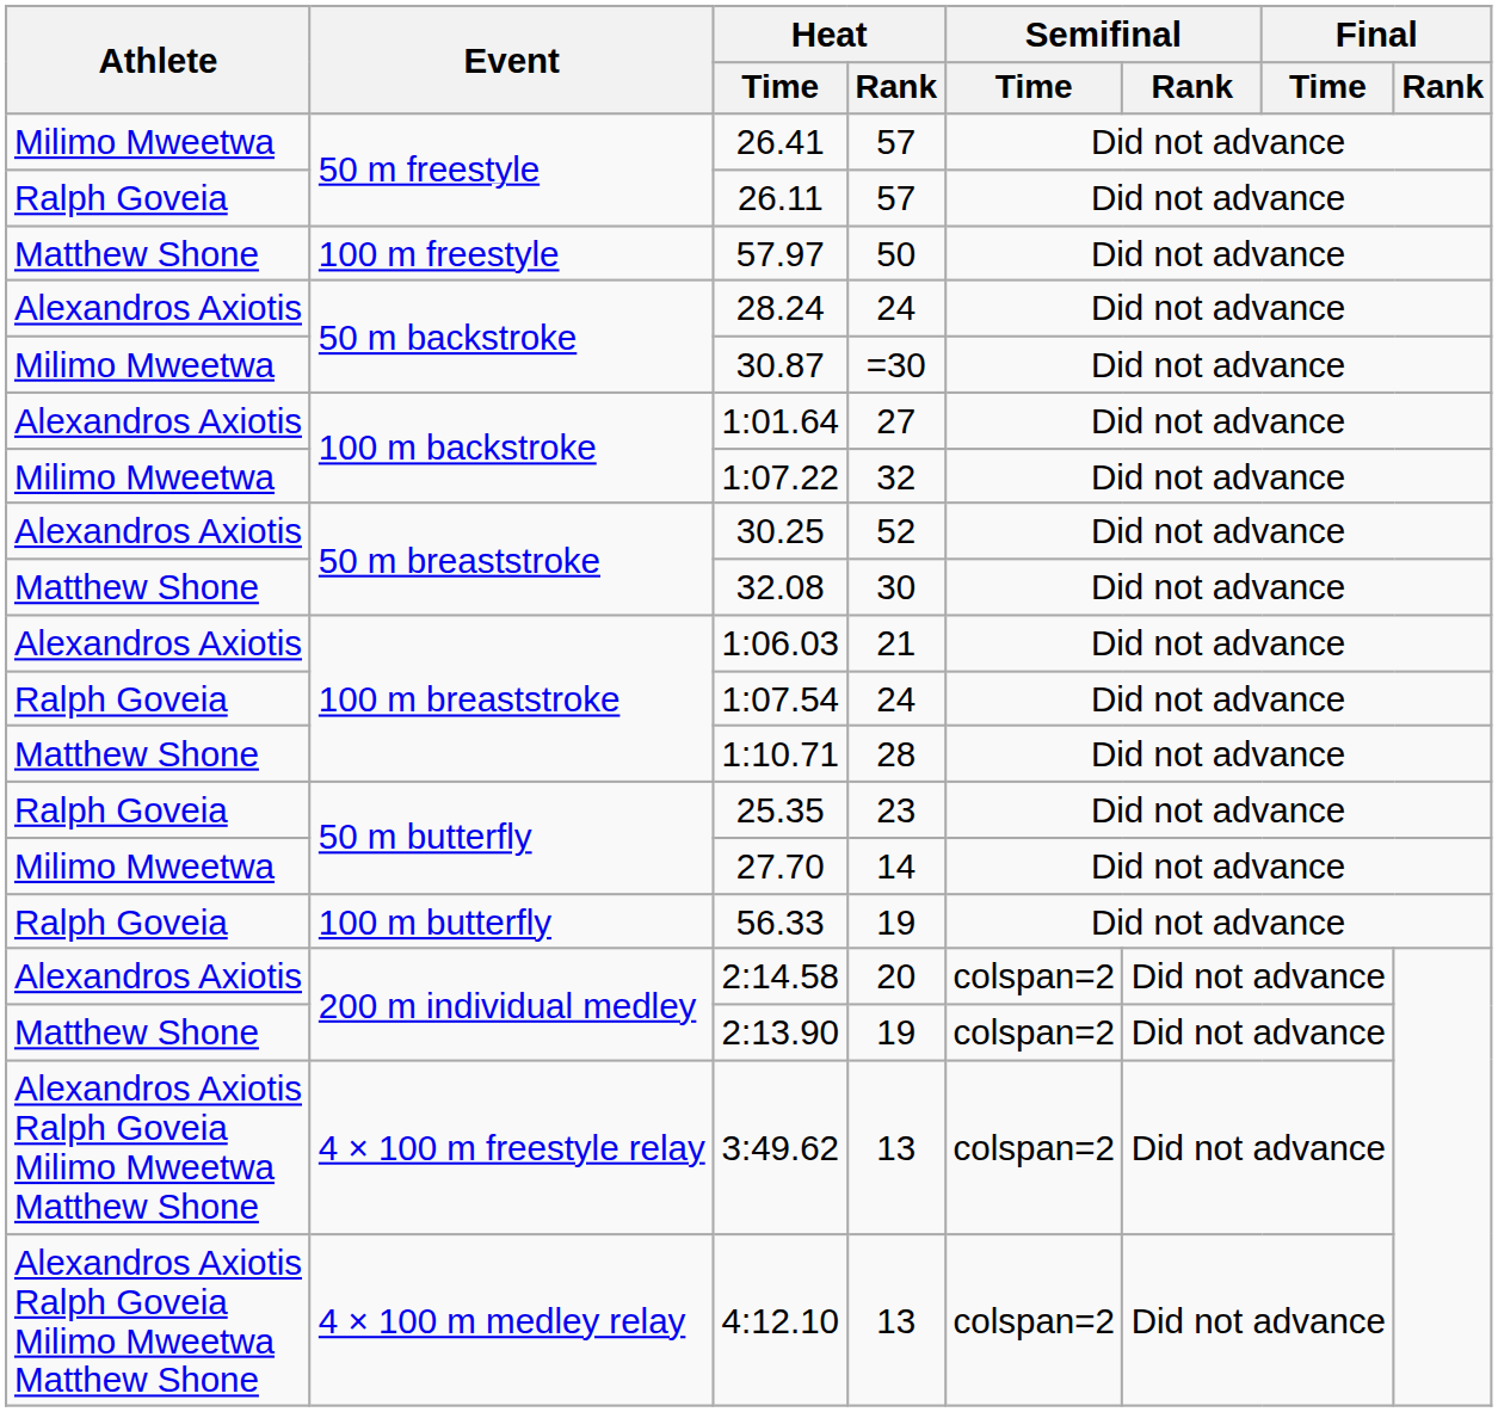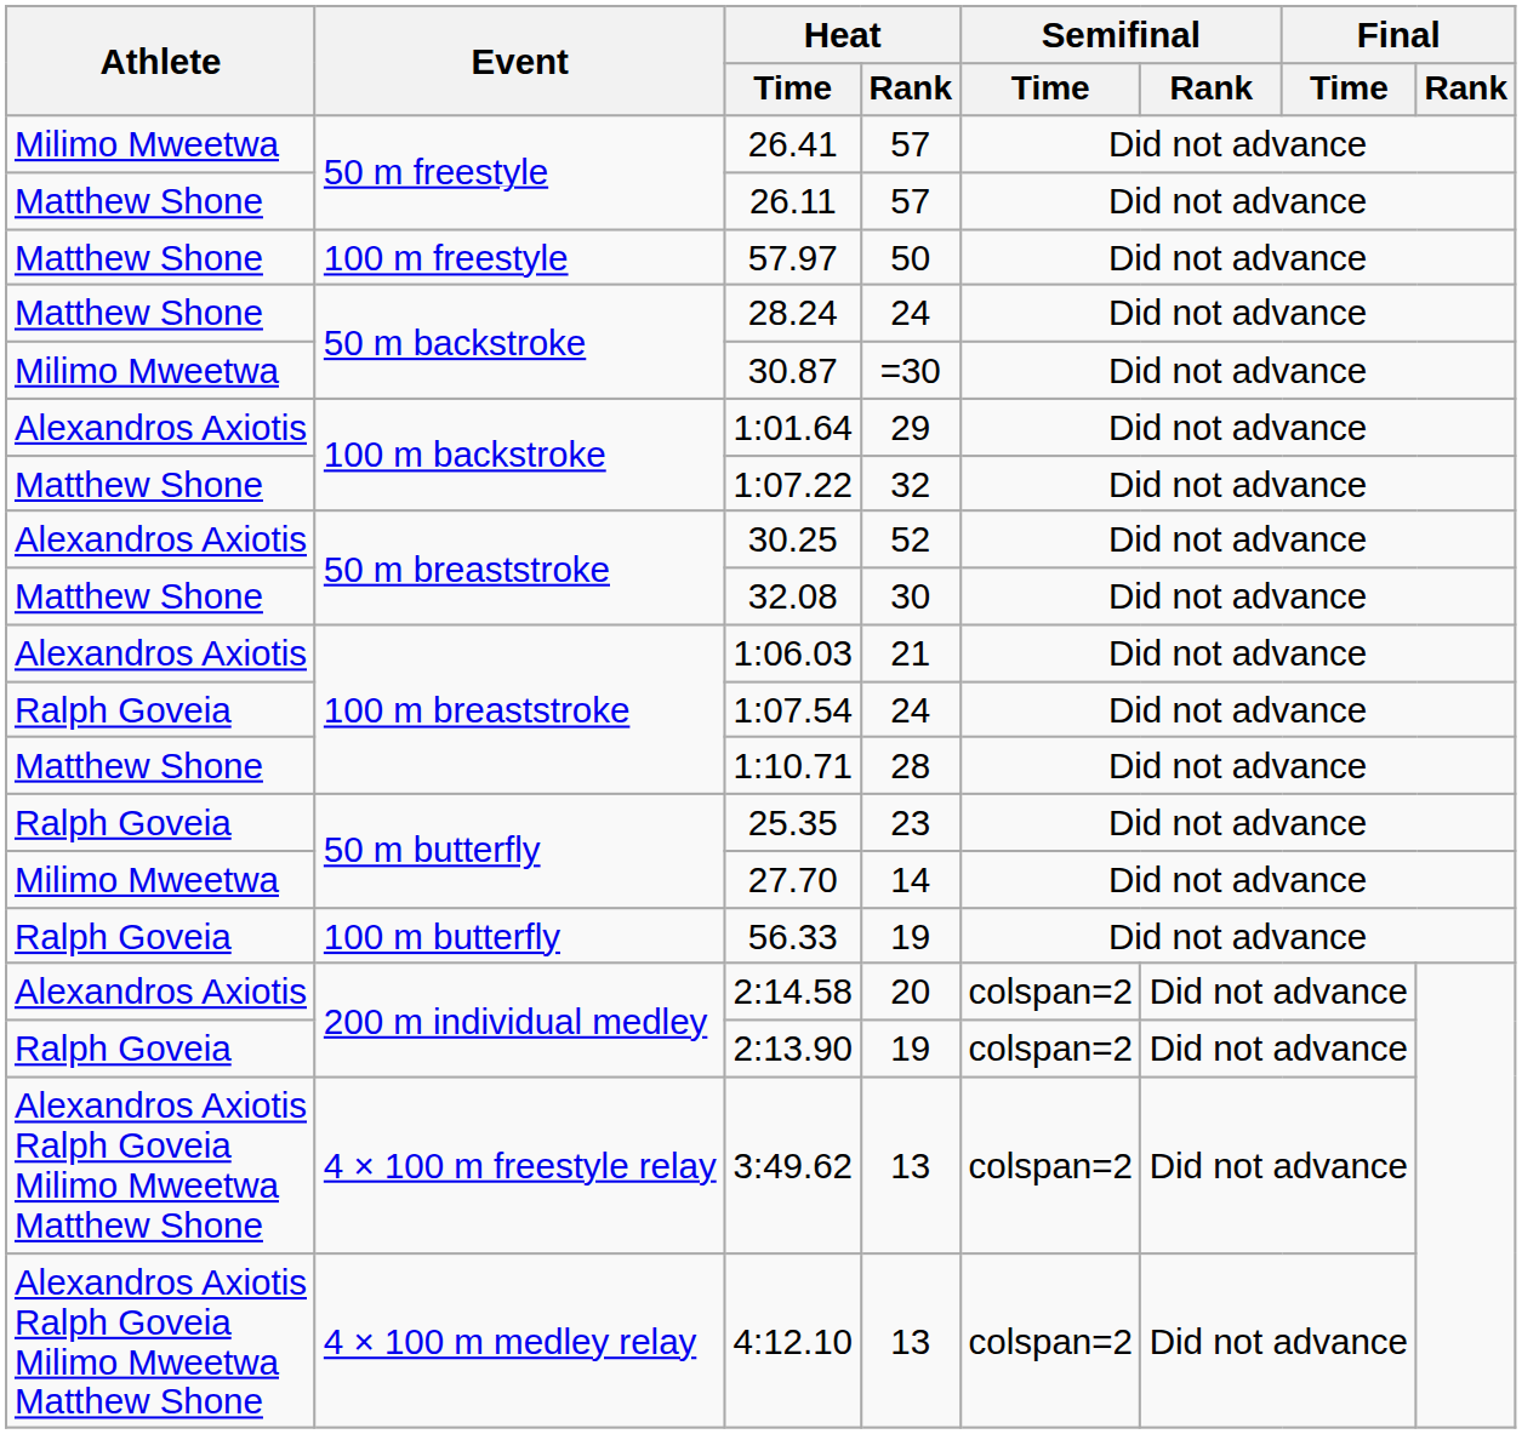 <table class=wikitable style=font-size:90%>
 <tr>
 <th rowspan=2>Athlete</th>
 <th rowspan=2>Event</th>
 <th colspan=2>Heat</th>
 <th colspan=2>Semifinal</th>
 <th colspan=2>Final</th>
 </tr>
 <tr style=font-size:95%>
 <th>Time</th>
 <th>Rank</th>
 <th>Time</th>
 <th>Rank</th>
 <th>Time</th>
 <th>Rank</th>
 </tr>
 <tr align=center>
 <td align=left><a href='#'>Milimo Mweetwa</a></td>
 <td align=left rowspan=2><a href='#'>50 m freestyle</a></td>
 <td>26.41</td>
 <td>57</td>
 <td colspan=4>Did not advance</td>
 </tr>
 <tr align=center>
-<td align=left><a href='#'>Ralph Goveia</a></td>
+<td align=left><a href='#'>Matthew Shone</a></td>
 <td>26.11</td>
 <td>57</td>
 <td colspan=4>Did not advance</td>
 </tr>
 <tr align=center>
 <td align=left><a href='#'>Matthew Shone</a></td>
 <td align=left><a href='#'>100 m freestyle</a></td>
 <td>57.97</td>
 <td>50</td>
 <td colspan=4>Did not advance</td>
 </tr>
 <tr align=center>
-<td align=left><a href='#'>Alexandros Axiotis</a></td>
+<td align=left><a href='#'>Matthew Shone</a></td>
 <td align=left rowspan=2><a href='#'>50 m backstroke</a></td>
 <td>28.24</td>
 <td>24</td>
 <td colspan=4>Did not advance</td>
 </tr>
 <tr align=center>
 <td align=left><a href='#'>Milimo Mweetwa</a></td>
 <td>30.87</td>
 <td>=30</td>
 <td colspan=4>Did not advance</td>
 </tr>
 <tr align=center>
 <td align=left><a href='#'>Alexandros Axiotis</a></td>
 <td align=left rowspan=2><a href='#'>100 m backstroke</a></td>
 <td>1:01.64</td>
-<td>27</td>
+<td>29</td>
 <td colspan=4>Did not advance</td>
 </tr>
 <tr align=center>
-<td align=left><a href='#'>Milimo Mweetwa</a></td>
+<td align=left><a href='#'>Matthew Shone</a></td>
 <td>1:07.22</td>
 <td>32</td>
 <td colspan=4>Did not advance</td>
 </tr>
 <tr align=center>
 <td align=left><a href='#'>Alexandros Axiotis</a></td>
 <td align=left rowspan=2><a href='#'>50 m breaststroke</a></td>
 <td>30.25</td>
 <td>52</td>
 <td colspan=4>Did not advance</td>
 </tr>
 <tr align=center>
 <td align=left><a href='#'>Matthew Shone</a></td>
 <td>32.08</td>
 <td>30</td>
 <td colspan=4>Did not advance</td>
 </tr>
 <tr align=center>
 <td align=left><a href='#'>Alexandros Axiotis</a></td>
 <td align=left rowspan=3><a href='#'>100 m breaststroke</a></td>
 <td>1:06.03</td>
 <td>21</td>
 <td colspan=4>Did not advance</td>
 </tr>
 <tr align=center>
 <td align=left><a href='#'>Ralph Goveia</a></td>
 <td>1:07.54</td>
 <td>24</td>
 <td colspan=4>Did not advance</td>
 </tr>
 <tr align=center>
 <td align=left><a href='#'>Matthew Shone</a></td>
 <td>1:10.71</td>
 <td>28</td>
 <td colspan=4>Did not advance</td>
 </tr>
 <tr align=center>
 <td align=left><a href='#'>Ralph Goveia</a></td>
 <td align=left rowspan=2><a href='#'>50 m butterfly</a></td>
 <td>25.35</td>
 <td>23</td>
 <td colspan=4>Did not advance</td>
 </tr>
 <tr align=center>
 <td align=left><a href='#'>Milimo Mweetwa</a></td>
 <td>27.70</td>
 <td>14</td>
 <td colspan=4>Did not advance</td>
 </tr>
 <tr align=center>
 <td align=left><a href='#'>Ralph Goveia</a></td>
 <td align=left><a href='#'>100 m butterfly</a></td>
 <td>56.33</td>
 <td>19</td>
 <td colspan=4>Did not advance</td>
 </tr>
 <tr align=center>
 <td align=left><a href='#'>Alexandros Axiotis</a></td>
 <td align=left rowspan=2><a href='#'>200 m individual medley</a></td>
 <td>2:14.58</td>
 <td>20</td>
 <td>colspan=2 </td>
 <td colspan=2>Did not advance</td>
 </tr>
 <tr align=center>
-<td align=left><a href='#'>Matthew Shone</a></td>
+<td align=left><a href='#'>Ralph Goveia</a></td>
 <td>2:13.90</td>
 <td>19</td>
 <td>colspan=2 </td>
 <td colspan=2>Did not advance</td>
 </tr>
 <tr align=center>
 <td align=left><a href='#'>Alexandros Axiotis</a><br><a href='#'>Ralph Goveia</a><br><a href='#'>Milimo Mweetwa</a><br><a href='#'>Matthew Shone</a></td>
 <td align=left><a href='#'>4 × 100 m freestyle relay</a></td>
 <td>3:49.62</td>
 <td>13</td>
 <td>colspan=2 </td>
 <td colspan=2>Did not advance</td>
 </tr>
 <tr align=center>
 <td align=left><a href='#'>Alexandros Axiotis</a><br><a href='#'>Ralph Goveia</a><br><a href='#'>Milimo Mweetwa</a><br><a href='#'>Matthew Shone</a></td>
 <td align=left><a href='#'>4 × 100 m medley relay</a></td>
 <td>4:12.10</td>
 <td>13</td>
 <td>colspan=2 </td>
 <td colspan=2>Did not advance</td>
 </tr>
 </table>
